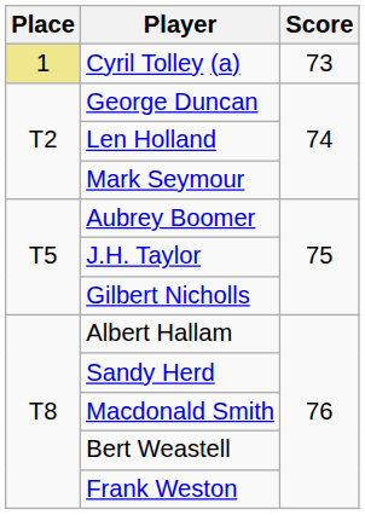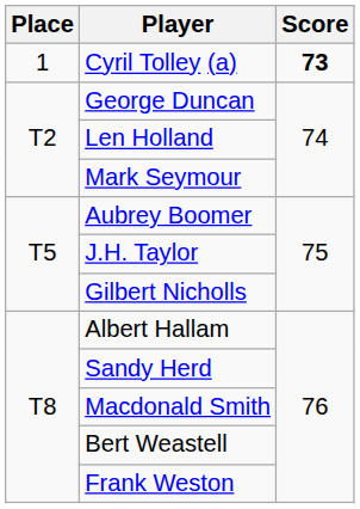 <table class=wikitable>
 <tr>
 <th>Place</th>
 <th>Player</th>
 <th>Score</th>
 </tr>
 <tr>
-<td align=center style="background: khaki;">1</td>
+<td align=center>1</td>
 <td> <a href='#'>Cyril Tolley</a> <a href='#'>(a)</a></td>
-<td align=center>73</td>
+<td align=center><strong>73</strong></td>
 </tr>
 <tr>
 <td rowspan=3 align=center>T2</td>
 <td> <a href='#'>George Duncan</a></td>
 <td rowspan=3 align=center>74</td>
 </tr>
 <tr>
 <td> <a href='#'>Len Holland</a></td>
 </tr>
 <tr>
 <td> <a href='#'>Mark Seymour</a></td>
 </tr>
 <tr>
 <td rowspan=3 align=center>T5</td>
 <td> <a href='#'>Aubrey Boomer</a></td>
 <td rowspan=3 align=center>75</td>
 </tr>
 <tr>
 <td> <a href='#'>J.H. Taylor</a></td>
 </tr>
 <tr>
 <td> <a href='#'>Gilbert Nicholls</a></td>
 </tr>
 <tr>
 <td rowspan=5 align=center>T8</td>
 <td> Albert Hallam</td>
 <td rowspan=5 align=center>76</td>
 </tr>
 <tr>
 <td> <a href='#'>Sandy Herd</a></td>
 </tr>
 <tr>
 <td> <a href='#'>Macdonald Smith</a></td>
 </tr>
 <tr>
 <td> Bert Weastell</td>
 </tr>
 <tr>
 <td> <a href='#'>Frank Weston</a></td>
 </tr>
 </table>
